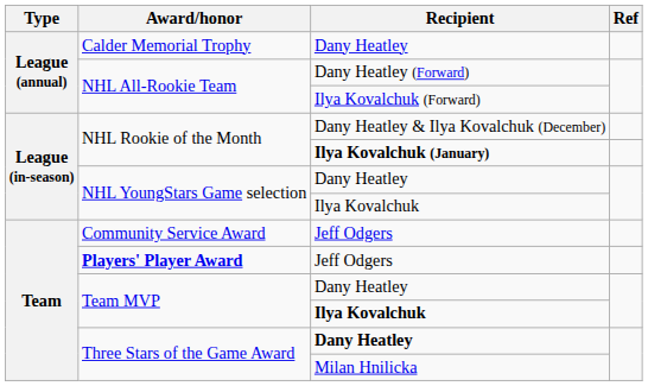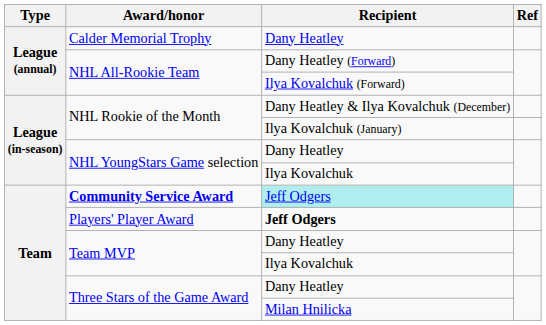 <table class="wikitable">
 <tr>
 <th scope="col">Type</th>
 <th scope="col">Award/honor</th>
 <th scope="col">Recipient</th>
 <th scope="col">Ref</th>
 </tr>
 <tr>
 <th scope="row" rowspan="3">League<br><small>(annual)</small></th>
 <td><a href='#'>Calder Memorial Trophy</a></td>
 <td><a href='#'>Dany Heatley</a></td>
 <td></td>
 </tr>
 <tr>
 <td rowspan="2"><a href='#'>NHL All-Rookie Team</a></td>
 <td>Dany Heatley <small>(<a href='#'>Forward</a>)</small></td>
 <td rowspan="2"></td>
 </tr>
 <tr>
 <td><a href='#'>Ilya Kovalchuk</a> <small>(Forward)</small></td>
 </tr>
 <tr>
 <th scope="row" rowspan="4">League<br><small>(in-season)</small></th>
 <td rowspan="2">NHL Rookie of the Month</td>
 <td>Dany Heatley & Ilya Kovalchuk <small>(December)</small></td>
 <td></td>
 </tr>
 <tr>
-<td><strong>Ilya Kovalchuk <small>(January)</small></strong></td>
+<td>Ilya Kovalchuk <small>(January)</small></td>
 <td></td>
 </tr>
 <tr>
 <td rowspan="2"><a href='#'>NHL YoungStars Game</a> selection</td>
 <td>Dany Heatley</td>
 <td rowspan="2"></td>
 </tr>
 <tr>
 <td>Ilya Kovalchuk</td>
 </tr>
 <tr>
 <th scope="row" rowspan="7">Team</th>
-<td><a href='#'>Community Service Award</a></td>
-<td><a href='#'>Jeff Odgers</a></td>
+<td><strong><a href='#'>Community Service Award</a></strong></td>
+<td style="background: paleturquoise;"><a href='#'>Jeff Odgers</a></td>
 <td></td>
 </tr>
 <tr>
-<td><strong><a href='#'>Players' Player Award</a></strong></td>
-<td>Jeff Odgers</td>
+<td><a href='#'>Players' Player Award</a></td>
+<td><strong>Jeff Odgers</strong></td>
 <td></td>
 </tr>
 <tr>
 <td rowspan="2"><a href='#'>Team MVP</a></td>
 <td>Dany Heatley</td>
 <td rowspan="2"></td>
 </tr>
 <tr>
-<td><strong>Ilya Kovalchuk</strong></td>
+<td>Ilya Kovalchuk</td>
 </tr>
 <tr>
 <td rowspan="2"><a href='#'>Three Stars of the Game Award</a></td>
-<td><strong>Dany Heatley</strong></td>
+<td>Dany Heatley</td>
 <td rowspan="2"></td>
 </tr>
 <tr>
 <td><a href='#'>Milan Hnilicka</a></td>
 </tr>
 </table>
